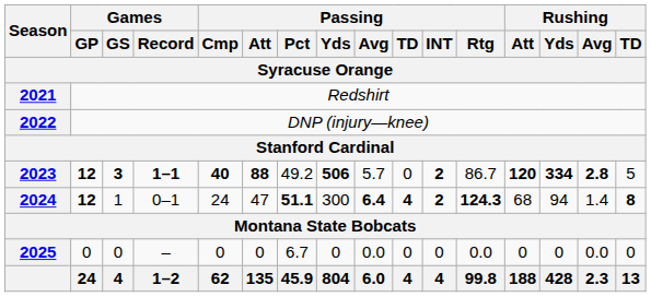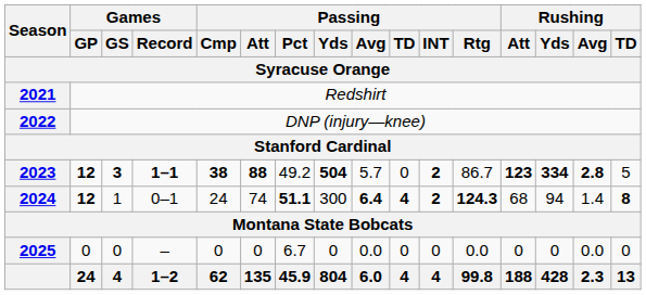 <table class="wikitable" style="text-align:center;">
 <tr>
 <th rowspan="2">Season</th>
 <th colspan="3">Games</th>
 <th colspan="8">Passing</th>
 <th colspan="4">Rushing</th>
 </tr>
 <tr>
 <th>GP</th>
 <th>GS</th>
 <th>Record</th>
 <th>Cmp</th>
 <th>Att</th>
 <th>Pct</th>
 <th>Yds</th>
 <th>Avg</th>
 <th>TD</th>
 <th>INT</th>
 <th>Rtg</th>
 <th>Att</th>
 <th>Yds</th>
 <th>Avg</th>
 <th>TD</th>
 </tr>
 <tr>
 <th colspan="16">Syracuse Orange</th>
 </tr>
 <tr>
 <th><a href='#'>2021</a></th>
 <td colspan="16"><em>Redshirt </em></td>
 </tr>
 <tr>
 <th><a href='#'>2022</a></th>
 <td colspan="16"><em>DNP (injury—knee)</em></td>
 </tr>
 <tr>
 <th colspan="16">Stanford Cardinal</th>
 </tr>
 <tr>
 <th><a href='#'>2023</a></th>
 <td><strong>12</strong></td>
 <td><strong>3</strong></td>
 <td><strong>1–1</strong></td>
-<td><strong>40</strong></td>
+<td><strong>38</strong></td>
 <td><strong>88</strong></td>
 <td>49.2</td>
-<td><strong>506</strong></td>
+<td><strong>504</strong></td>
 <td>5.7</td>
 <td>0</td>
 <td><strong>2</strong></td>
 <td>86.7</td>
-<td><strong>120</strong></td>
+<td><strong>123</strong></td>
 <td><strong>334</strong></td>
 <td><strong>2.8</strong></td>
 <td>5</td>
 </tr>
 <tr>
 <th><a href='#'>2024</a></th>
 <td><strong>12</strong></td>
 <td>1</td>
 <td>0–1</td>
 <td>24</td>
-<td>47</td>
+<td>74</td>
 <td><strong>51.1</strong></td>
 <td>300</td>
 <td><strong>6.4</strong></td>
 <td><strong>4</strong></td>
 <td><strong>2</strong></td>
 <td><strong>124.3</strong></td>
 <td>68</td>
 <td>94</td>
 <td>1.4</td>
 <td><strong>8</strong></td>
 </tr>
 <tr>
 <th colspan="16">Montana State Bobcats</th>
 </tr>
 <tr>
 <th><a href='#'>2025</a></th>
 <td>0</td>
 <td>0</td>
 <td>–</td>
 <td>0</td>
 <td>0</td>
 <td>6.7</td>
 <td>0</td>
 <td>0.0</td>
 <td>0</td>
 <td>0</td>
 <td>0.0</td>
 <td>0</td>
 <td>0</td>
 <td>0.0</td>
 <td>0</td>
 </tr>
 <tr>
 <th></th>
 <th>24</th>
 <th>4</th>
 <th>1–2</th>
 <th>62</th>
 <th>135</th>
 <th>45.9</th>
 <th>804</th>
 <th>6.0</th>
 <th>4</th>
 <th>4</th>
 <th>99.8</th>
 <th>188</th>
 <th>428</th>
 <th>2.3</th>
 <th>13</th>
 </tr>
 </table>
